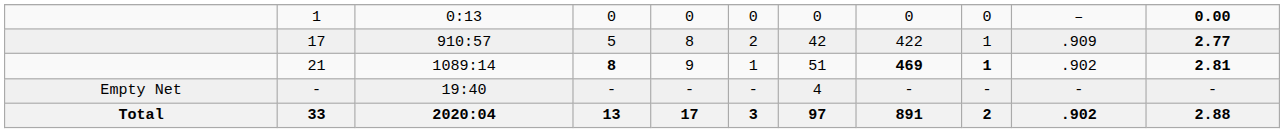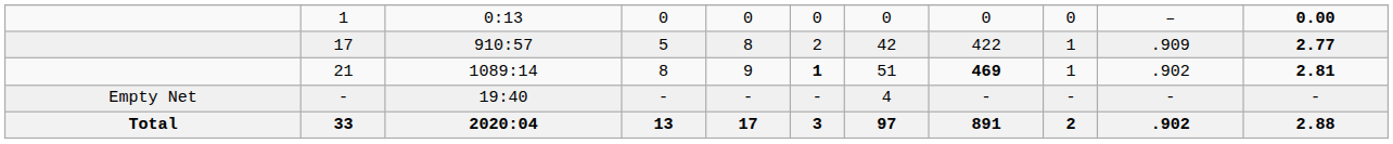 <table class="wikitable sortable" width =1100>
 <tr align="center">
 </tr>
 <tr align="center" bgcolor="">
 <td></td>
 <td>1</td>
 <td>0:13</td>
 <td>0</td>
 <td>0</td>
 <td>0</td>
 <td>0</td>
 <td>0</td>
 <td>0</td>
 <td>–</td>
 <td><strong>0.00</strong></td>
 </tr>
 <tr align="center" bgcolor="f0f0f0">
 <td></td>
 <td>17</td>
 <td>910:57</td>
 <td>5</td>
 <td>8</td>
 <td>2</td>
 <td>42</td>
 <td>422</td>
 <td>1</td>
 <td>.909</td>
 <td><strong>2.77</strong></td>
 </tr>
 <tr align="center" bgcolor="">
 <td></td>
 <td>21</td>
 <td>1089:14</td>
-<td><strong>8</strong></td>
+<td>8</td>
 <td>9</td>
-<td>1</td>
+<td><strong>1</strong></td>
 <td>51</td>
 <td><strong>469</strong></td>
-<td><strong>1</strong></td>
+<td>1</td>
 <td>.902</td>
 <td><strong>2.81</strong></td>
 </tr>
 <tr align="center" bgcolor="f0f0f0">
 <td>Empty Net</td>
 <td>-</td>
 <td>19:40</td>
 <td>-</td>
 <td>-</td>
 <td>-</td>
 <td>4</td>
 <td>-</td>
 <td>-</td>
 <td>-</td>
 <td>-</td>
 </tr>
 <tr>
 <th>Total</th>
 <th>33</th>
 <th>2020:04</th>
 <th>13</th>
 <th>17</th>
 <th>3</th>
 <th>97</th>
 <th>891</th>
 <th>2</th>
 <th>.902</th>
 <th>2.88</th>
 </tr>
 </table>
